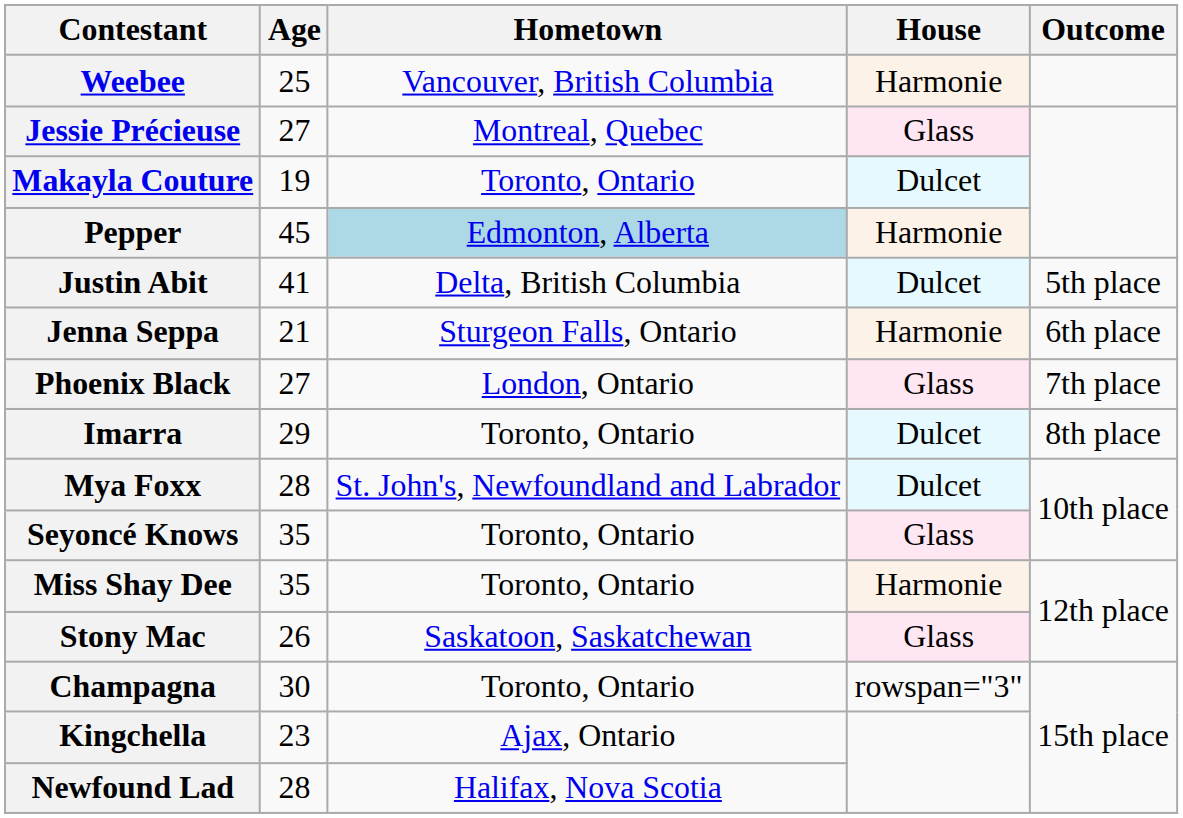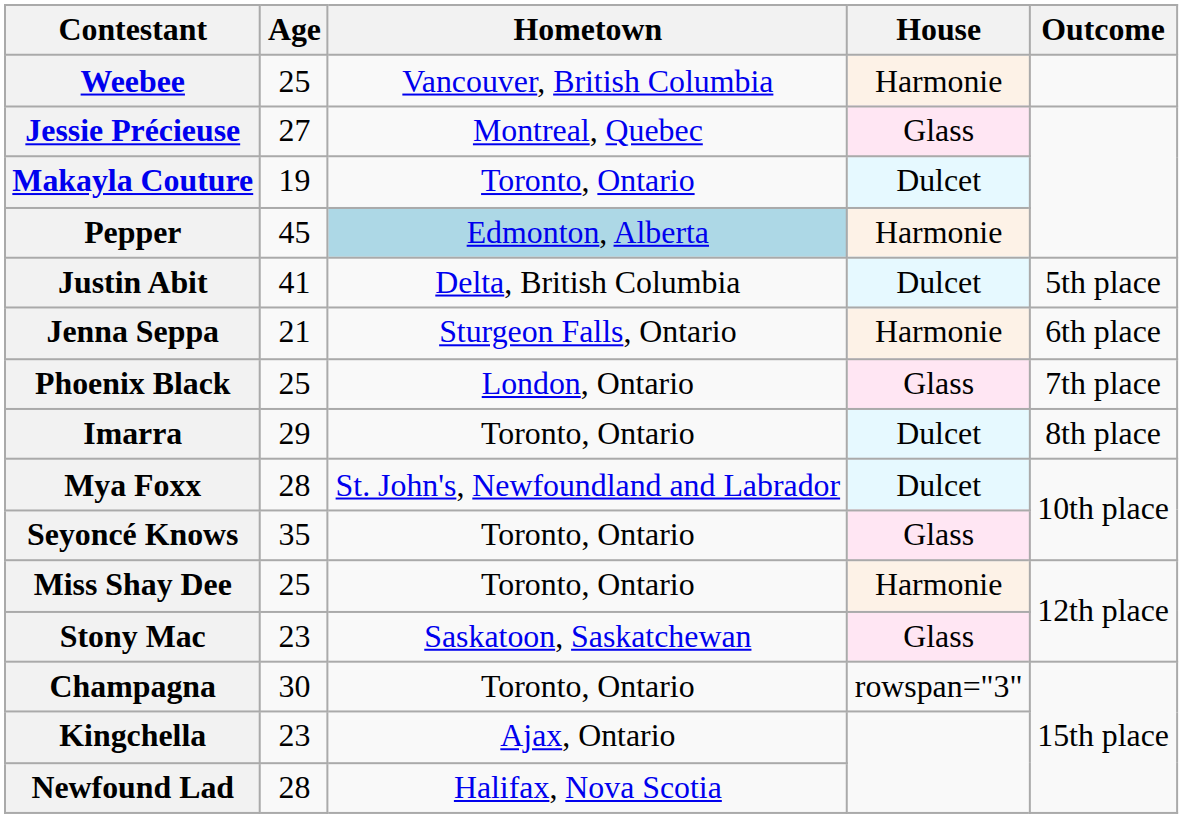 <table class="wikitable sortable" style="text-align:center">
 <tr>
 <th scope="col">Contestant</th>
 <th scope="col">Age</th>
 <th scope="col">Hometown</th>
 <th scope="col">House</th>
 <th scope="col">Outcome</th>
 </tr>
 <tr>
 <th scope="row"><a href='#'>Weebee</a></th>
 <td>25</td>
 <td><a href='#'>Vancouver</a>, <a href='#'>British Columbia</a></td>
 <td bgcolor="#fdf2e7">Harmonie</td>
 <td></td>
 </tr>
 <tr>
 <th scope="row"><a href='#'>Jessie Précieuse</a></th>
 <td>27</td>
 <td><a href='#'>Montreal</a>, <a href='#'>Quebec</a></td>
 <td bgcolor="#ffe6f3">Glass</td>
 <td rowspan="3"></td>
 </tr>
 <tr>
 <th scope="row" nowrap><a href='#'>Makayla Couture</a></th>
 <td>19</td>
 <td><a href='#'>Toronto</a>, <a href='#'>Ontario</a></td>
 <td bgcolor="#e6f9ff">Dulcet</td>
 </tr>
 <tr>
 <th scope="row">Pepper</th>
 <td>45</td>
 <td style="background: lightblue;"><a href='#'>Edmonton</a>, <a href='#'>Alberta</a></td>
 <td bgcolor="#fdf2e7">Harmonie</td>
 </tr>
 <tr>
 <th scope="row">Justin Abit</th>
 <td>41</td>
 <td><a href='#'>Delta</a>, British Columbia</td>
 <td bgcolor="#e6f9ff">Dulcet</td>
 <td>5th place</td>
 </tr>
 <tr>
 <th scope="row">Jenna Seppa</th>
 <td>21</td>
 <td><a href='#'>Sturgeon Falls</a>, Ontario</td>
 <td bgcolor="#fdf2e7">Harmonie</td>
 <td>6th place</td>
 </tr>
 <tr>
 <th scope="row">Phoenix Black</th>
-<td>27</td>
+<td>25</td>
 <td><a href='#'>London</a>, Ontario</td>
 <td bgcolor="#ffe6f3">Glass</td>
 <td>7th place</td>
 </tr>
 <tr>
 <th scope="row">Imarra</th>
 <td>29</td>
 <td>Toronto, Ontario</td>
 <td bgcolor="#e6f9ff">Dulcet</td>
 <td>8th place</td>
 </tr>
 <tr>
 <th scope="row">Mya Foxx</th>
 <td>28</td>
 <td nowrap><a href='#'>St. John's</a>, <a href='#'>Newfoundland and Labrador</a></td>
 <td bgcolor="#e6f9ff">Dulcet</td>
 <td rowspan="2">10th place</td>
 </tr>
 <tr>
 <th scope="row">Seyoncé Knows</th>
 <td>35</td>
 <td>Toronto, Ontario</td>
 <td bgcolor="#ffe6f3">Glass</td>
 </tr>
 <tr>
 <th scope="row">Miss Shay Dee</th>
-<td>35</td>
+<td>25</td>
 <td>Toronto, Ontario</td>
 <td bgcolor="#fdf2e7">Harmonie</td>
 <td rowspan="2">12th place</td>
 </tr>
 <tr>
 <th scope="row">Stony Mac</th>
-<td>26</td>
+<td>23</td>
 <td><a href='#'>Saskatoon</a>, <a href='#'>Saskatchewan</a></td>
 <td bgcolor="#ffe6f3">Glass</td>
 </tr>
 <tr>
 <th scope="row">Champagna</th>
 <td>30</td>
 <td>Toronto, Ontario</td>
 <td>rowspan="3" </td>
 <td rowspan="3">15th place</td>
 </tr>
 <tr>
 <th scope="row">Kingchella</th>
 <td>23</td>
 <td><a href='#'>Ajax</a>, Ontario</td>
 </tr>
 <tr>
 <th scope="row">Newfound Lad</th>
 <td>28</td>
 <td><a href='#'>Halifax</a>, <a href='#'>Nova Scotia</a></td>
 </tr>
 </table>
